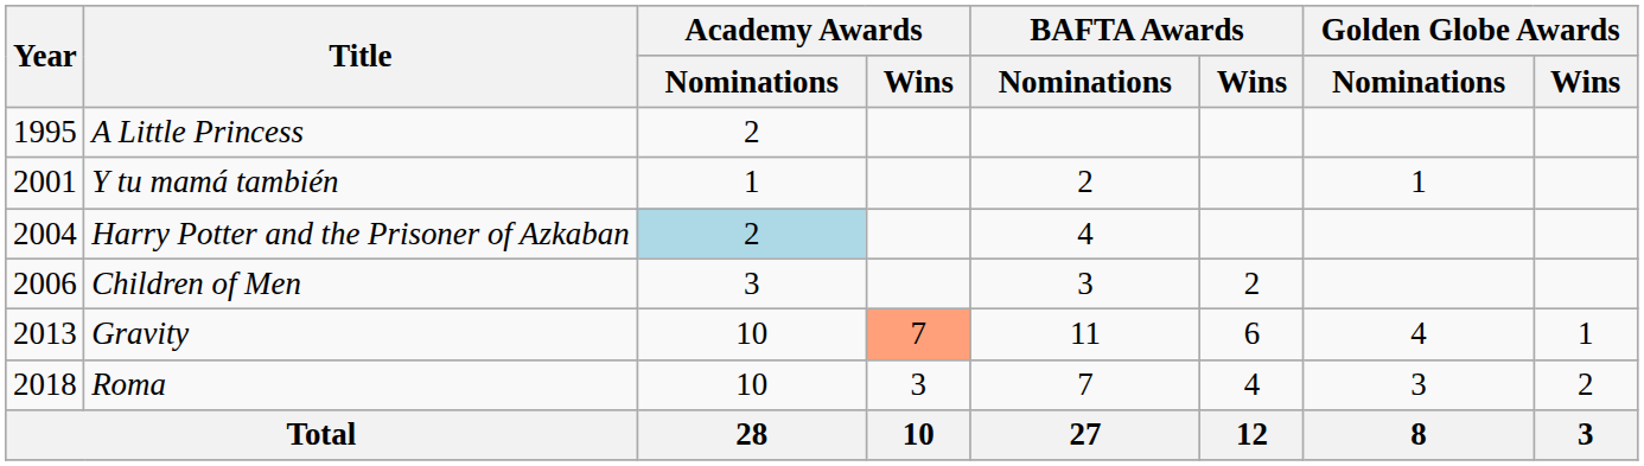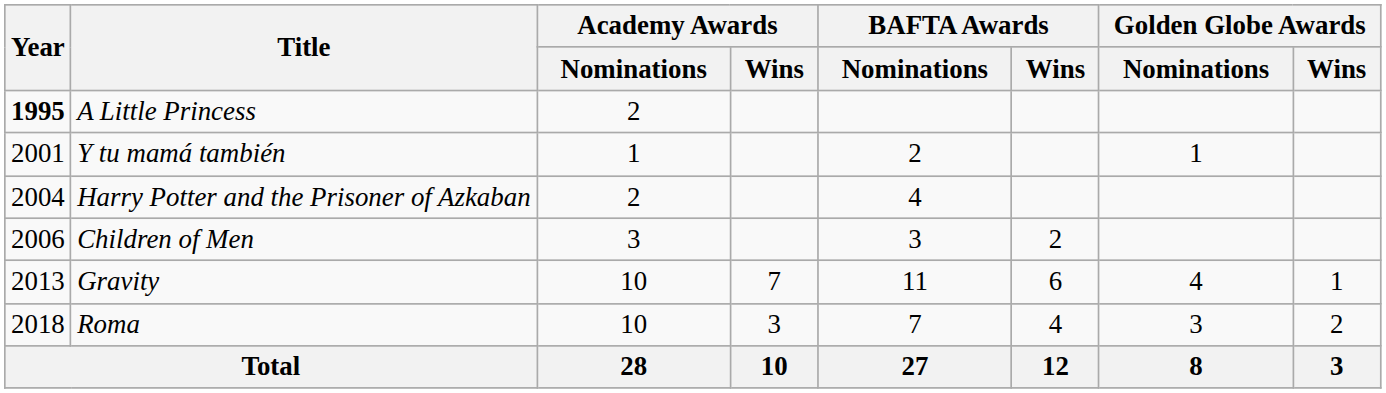 <table class="wikitable">
 <tr>
 <th rowspan="2">Year</th>
 <th rowspan="2">Title</th>
 <th colspan="2" style="text-align:center;" width=160>Academy Awards</th>
 <th colspan="2" style="text-align:center;" width=160>BAFTA Awards</th>
 <th colspan="2" style="text-align:center;" width=160>Golden Globe Awards</th>
 </tr>
 <tr>
 <th>Nominations</th>
 <th>Wins</th>
 <th>Nominations</th>
 <th>Wins</th>
 <th>Nominations</th>
 <th>Wins</th>
 </tr>
 <tr>
-<td>1995</td>
+<td><strong>1995</strong></td>
 <td><em>A Little Princess</em></td>
 <td align=center>2</td>
 <td></td>
 <td></td>
 <td></td>
 <td></td>
 <td></td>
 </tr>
 <tr>
 <td>2001</td>
 <td><em>Y tu mamá también</em></td>
 <td align=center>1</td>
 <td></td>
 <td align=center>2</td>
 <td></td>
 <td align=center>1</td>
 <td></td>
 </tr>
 <tr>
 <td>2004</td>
 <td><em>Harry Potter and the Prisoner of Azkaban</em></td>
-<td align=center style="background: lightblue;">2</td>
+<td align=center>2</td>
 <td></td>
 <td align=center>4</td>
 <td></td>
 <td></td>
 <td></td>
 </tr>
 <tr>
 <td rowspan=1>2006</td>
 <td><em>Children of Men</em></td>
 <td align=center>3</td>
 <td></td>
 <td align=center>3</td>
 <td align=center>2</td>
 <td></td>
 <td></td>
 </tr>
 <tr>
 <td>2013</td>
 <td><em>Gravity</em></td>
 <td align=center>10</td>
-<td align=center style="background: lightsalmon;">7</td>
+<td align=center>7</td>
 <td align=center>11</td>
 <td align=center>6</td>
 <td align=center>4</td>
 <td align=center>1</td>
 </tr>
 <tr>
 <td>2018</td>
 <td><em>Roma</em></td>
 <td align=center>10</td>
 <td align=center>3</td>
 <td align=center>7</td>
 <td align=center>4</td>
 <td align=center>3</td>
 <td align=center>2</td>
 </tr>
 <tr>
 <th colspan="2">Total</th>
 <th align=center>28</th>
 <th align=center>10</th>
 <th align=center>27</th>
 <th align=center>12</th>
 <th align=center>8</th>
 <th align=center>3</th>
 </tr>
 </table>
